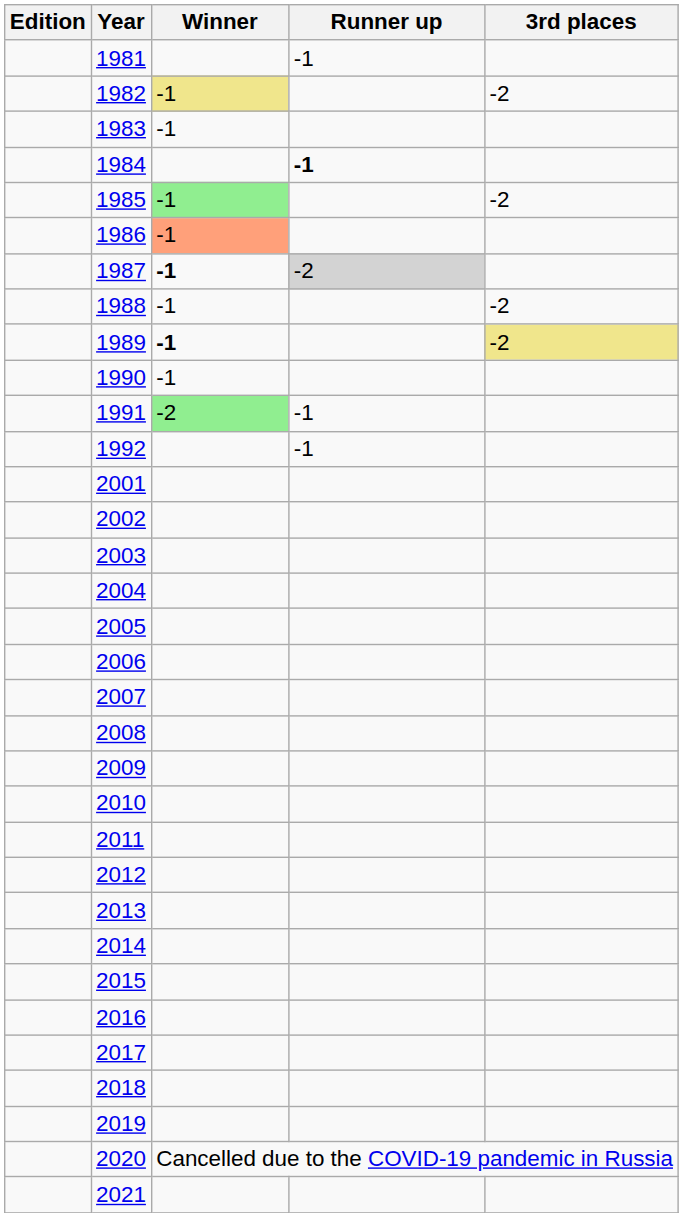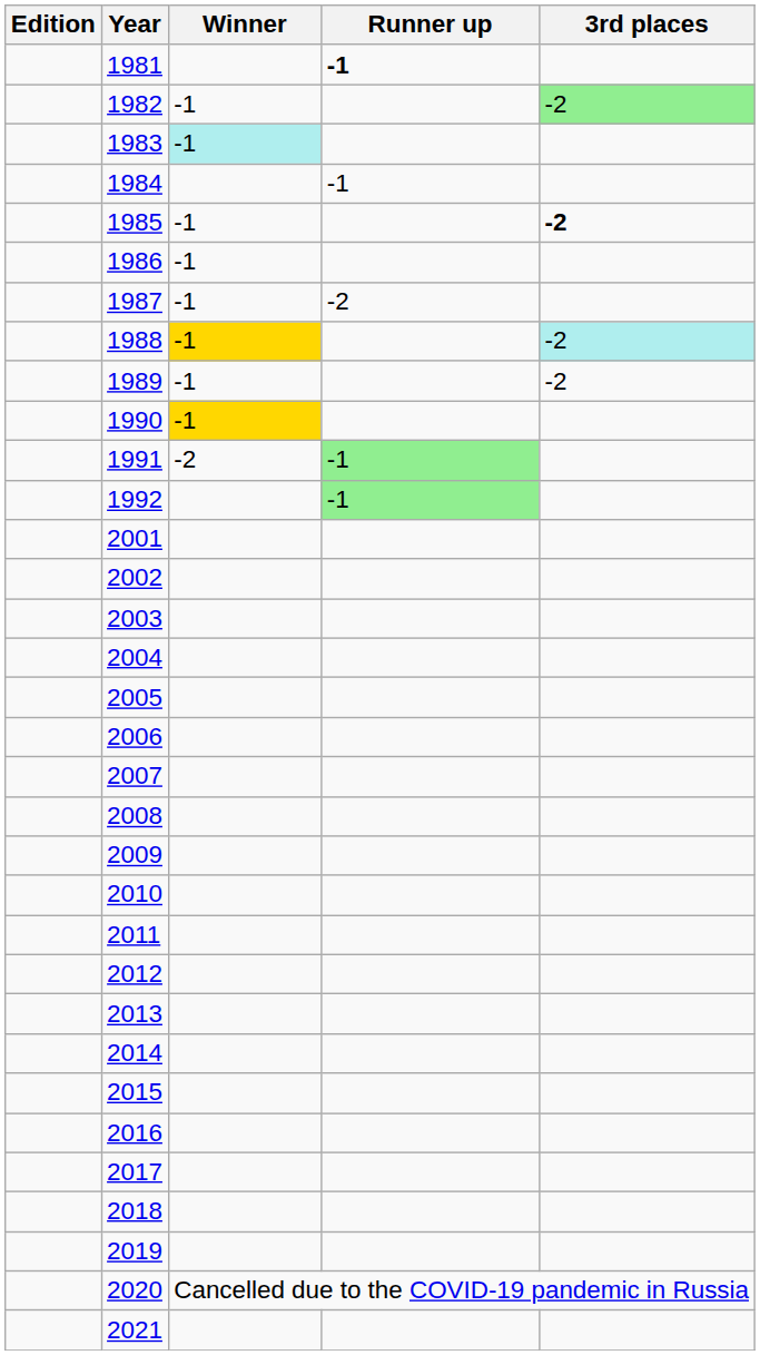 <table class="wikitable">
 <tr>
 <th>Edition</th>
 <th>Year</th>
 <th>Winner</th>
 <th>Runner up</th>
 <th>3rd places</th>
 </tr>
 <tr>
 <td></td>
 <td><a href='#'>1981</a></td>
 <td></td>
-<td>-1</td>
+<td><strong>-1</strong></td>
 <td></td>
 </tr>
 <tr>
 <td></td>
 <td><a href='#'>1982</a></td>
-<td style="background: khaki;">-1</td>
+<td>-1</td>
 <td></td>
-<td>-2</td>
+<td style="background: lightgreen;">-2</td>
 </tr>
 <tr>
 <td></td>
 <td><a href='#'>1983</a></td>
-<td>-1</td>
+<td style="background: paleturquoise;">-1</td>
 <td></td>
 <td></td>
 </tr>
 <tr>
 <td></td>
 <td><a href='#'>1984</a></td>
 <td></td>
-<td><strong>-1</strong></td>
+<td>-1</td>
 <td></td>
 </tr>
 <tr>
 <td></td>
 <td><a href='#'>1985</a></td>
-<td style="background: lightgreen;">-1</td>
+<td>-1</td>
 <td></td>
-<td>-2</td>
+<td><strong>-2</strong></td>
 </tr>
 <tr>
 <td></td>
 <td><a href='#'>1986</a></td>
-<td style="background: lightsalmon;">-1</td>
+<td>-1</td>
 <td></td>
 <td></td>
 </tr>
 <tr>
 <td></td>
 <td><a href='#'>1987</a></td>
-<td><strong>-1</strong></td>
-<td style="background: lightgrey;">-2</td>
+<td>-1</td>
+<td>-2</td>
 <td></td>
 </tr>
 <tr>
 <td></td>
 <td><a href='#'>1988</a></td>
+<td style="background: gold;">-1</td>
+<td></td>
+<td style="background: paleturquoise;">-2</td>
+</tr>
+<tr>
+<td></td>
+<td><a href='#'>1989</a></td>
 <td>-1</td>
 <td></td>
 <td>-2</td>
 </tr>
 <tr>
 <td></td>
-<td><a href='#'>1989</a></td>
-<td><strong>-1</strong></td>
-<td></td>
-<td style="background: khaki;">-2</td>
-</tr>
-<tr>
-<td></td>
 <td><a href='#'>1990</a></td>
-<td>-1</td>
+<td style="background: gold;">-1</td>
 <td></td>
 <td></td>
 </tr>
 <tr>
 <td></td>
 <td><a href='#'>1991</a></td>
-<td style="background: lightgreen;">-2</td>
-<td>-1</td>
+<td>-2</td>
+<td style="background: lightgreen;">-1</td>
 <td></td>
 </tr>
 <tr>
 <td></td>
 <td><a href='#'>1992</a></td>
 <td></td>
-<td>-1</td>
+<td style="background: lightgreen;">-1</td>
 <td></td>
 </tr>
 <tr>
 <td></td>
 <td><a href='#'>2001</a></td>
 <td></td>
 <td></td>
 <td></td>
 </tr>
 <tr>
 <td></td>
 <td><a href='#'>2002</a></td>
 <td></td>
 <td></td>
 <td></td>
 </tr>
 <tr>
 <td></td>
 <td><a href='#'>2003</a></td>
 <td></td>
 <td></td>
 <td></td>
 </tr>
 <tr>
 <td></td>
 <td><a href='#'>2004</a></td>
 <td></td>
 <td></td>
 <td></td>
 </tr>
 <tr>
 <td></td>
 <td><a href='#'>2005</a></td>
 <td></td>
 <td></td>
 <td></td>
 </tr>
 <tr>
 <td></td>
 <td><a href='#'>2006</a></td>
 <td></td>
 <td></td>
 <td></td>
 </tr>
 <tr>
 <td></td>
 <td><a href='#'>2007</a></td>
 <td></td>
 <td></td>
 <td></td>
 </tr>
 <tr>
 <td></td>
 <td><a href='#'>2008</a></td>
 <td></td>
 <td></td>
 <td></td>
 </tr>
 <tr>
 <td></td>
 <td><a href='#'>2009</a></td>
 <td></td>
 <td></td>
 <td></td>
 </tr>
 <tr>
 <td></td>
 <td><a href='#'>2010</a></td>
 <td></td>
 <td></td>
 <td></td>
 </tr>
 <tr>
 <td></td>
 <td><a href='#'>2011</a></td>
 <td></td>
 <td></td>
 <td></td>
 </tr>
 <tr>
 <td></td>
 <td><a href='#'>2012</a></td>
 <td></td>
 <td></td>
 <td></td>
 </tr>
 <tr>
 <td></td>
 <td><a href='#'>2013</a></td>
 <td></td>
 <td></td>
 <td></td>
 </tr>
 <tr>
 <td></td>
 <td><a href='#'>2014</a></td>
 <td></td>
 <td></td>
 <td></td>
 </tr>
 <tr>
 <td></td>
 <td><a href='#'>2015</a></td>
 <td></td>
 <td></td>
 <td></td>
 </tr>
 <tr>
 <td></td>
 <td><a href='#'>2016</a></td>
 <td></td>
 <td></td>
 <td></td>
 </tr>
 <tr>
 <td></td>
 <td><a href='#'>2017</a></td>
 <td></td>
 <td></td>
 <td></td>
 </tr>
 <tr>
 <td></td>
 <td><a href='#'>2018</a></td>
 <td></td>
 <td></td>
 <td></td>
 </tr>
 <tr>
 <td></td>
 <td><a href='#'>2019</a></td>
 <td></td>
 <td></td>
 <td></td>
 </tr>
 <tr>
 <td></td>
 <td><a href='#'>2020</a></td>
 <td colspan=7 align=center>Cancelled due to the <a href='#'>COVID-19 pandemic in Russia</a></td>
 </tr>
 <tr>
 <td></td>
 <td><a href='#'>2021</a></td>
 <td></td>
 <td></td>
 <td></td>
 </tr>
 </table>
